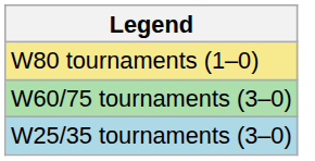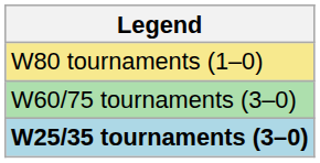 <table class="wikitable" style="font-size:85%">
 <tr>
 <th>Legend</th>
 </tr>
 <tr style="background:#f7e98e;">
 <td>W80 tournaments (1–0)</td>
 </tr>
 <tr style="background:#addfad;">
 <td>W60/75 tournaments (3–0)</td>
 </tr>
 <tr style="background:lightblue;">
-<td>W25/35 tournaments (3–0)</td>
+<td><strong>W25/35 tournaments (3–0)</strong></td>
 </tr>
 </table>
